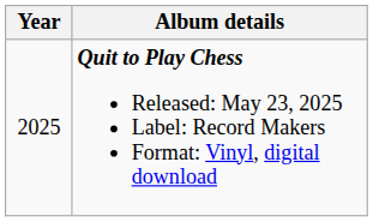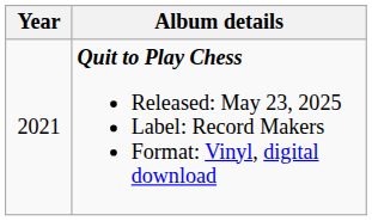 <table class="wikitable" style="text-align:center;">
 <tr>
 <th width="42">Year</th>
 <th width="210">Album details</th>
 </tr>
 <tr>
-<td>2025</td>
+<td>2021</td>
 <td align="left"><strong><em>Quit to Play Chess</em></strong><br><ul><li>Released: May 23, 2025</li><li>Label: Record Makers</li><li>Format: <a href='#'>Vinyl</a>, <a href='#'>digital download</a></li></ul></td>
 </tr>
 </table>
